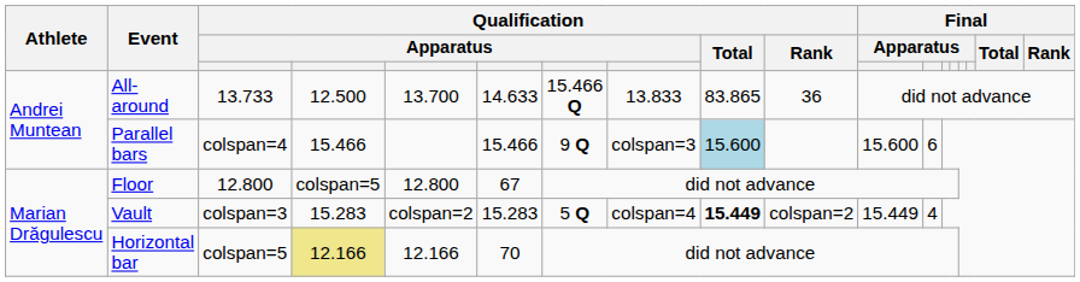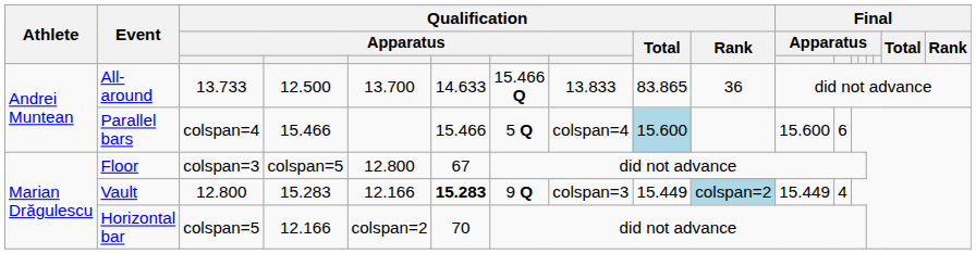 <table class="wikitable" style="font-size:90%">
 <tr>
 <th rowspan=3>Athlete</th>
 <th rowspan=3>Event</th>
 <th colspan =8>Qualification</th>
 <th colspan =8>Final</th>
 </tr>
 <tr style="font-size:95%">
 <th colspan=6>Apparatus</th>
 <th rowspan=2>Total</th>
 <th rowspan=2>Rank</th>
 <th colspan=6>Apparatus</th>
 <th rowspan=2>Total</th>
 <th rowspan=2>Rank</th>
 </tr>
 <tr style="font-size:95%">
 <th></th>
 <th></th>
 <th></th>
 <th></th>
 <th></th>
 <th></th>
 <th></th>
 <th></th>
 <th></th>
 <th></th>
 <th></th>
 <th></th>
 </tr>
 <tr align=center>
 <td align=left rowspan=2><a href='#'>Andrei Muntean</a></td>
 <td align=left><a href='#'>All-around</a></td>
 <td>13.733</td>
 <td>12.500</td>
 <td>13.700</td>
 <td>14.633</td>
 <td>15.466 <strong>Q</strong></td>
 <td>13.833</td>
 <td>83.865</td>
 <td>36</td>
 <td colspan=8>did not advance</td>
 </tr>
 <tr align=center>
 <td align=left><a href='#'>Parallel bars</a></td>
 <td>colspan=4 </td>
 <td>15.466</td>
 <td></td>
 <td>15.466</td>
-<td>9 <strong>Q</strong></td>
-<td>colspan=3 </td>
+<td>5 <strong>Q</strong></td>
+<td>colspan=4 </td>
 <td style="background: lightblue;">15.600</td>
 <td></td>
 <td>15.600</td>
 <td>6</td>
 </tr>
 <tr align=center>
 <td align=left rowspan=3><a href='#'>Marian Drăgulescu</a></td>
 <td align=left><a href='#'>Floor</a></td>
-<td>12.800</td>
+<td>colspan=3 </td>
 <td>colspan=5 </td>
 <td>12.800</td>
 <td>67</td>
 <td colspan=8>did not advance</td>
 </tr>
 <tr align=center>
 <td align=left><a href='#'>Vault</a></td>
+<td>12.800</td>
+<td>15.283</td>
+<td>12.166</td>
+<td><strong>15.283</strong></td>
+<td>9 <strong>Q</strong></td>
 <td>colspan=3 </td>
-<td>15.283</td>
-<td>colspan=2 </td>
-<td>15.283</td>
-<td>5 <strong>Q</strong></td>
-<td>colspan=4 </td>
-<td><strong>15.449</strong></td>
-<td>colspan=2 </td>
+<td>15.449</td>
+<td style="background: lightblue;">colspan=2 </td>
 <td>15.449</td>
 <td>4</td>
 </tr>
 <tr align=center>
 <td align=left><a href='#'>Horizontal bar</a></td>
 <td>colspan=5 </td>
-<td style="background: khaki;">12.166</td>
 <td>12.166</td>
+<td>colspan=2 </td>
 <td>70</td>
 <td colspan=8>did not advance</td>
 </tr>
 </table>
